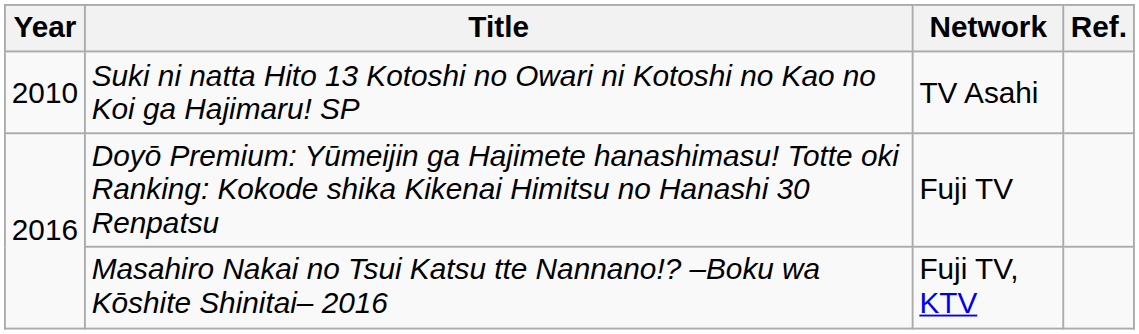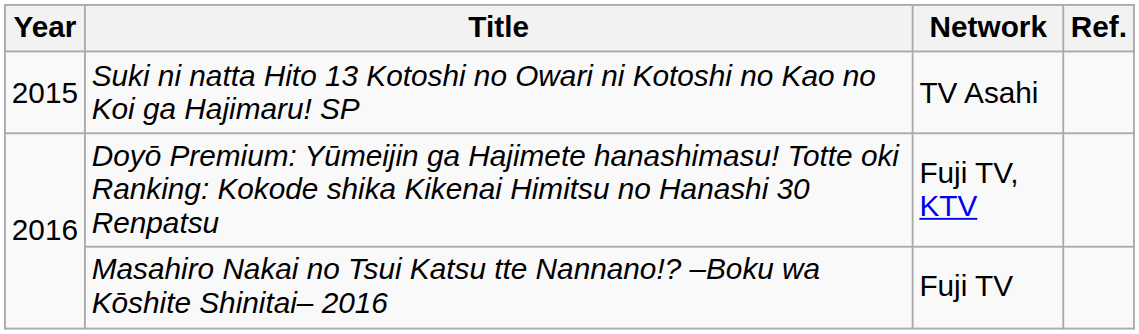 <table class="wikitable">
 <tr>
 <th>Year</th>
 <th>Title</th>
 <th>Network</th>
 <th>Ref.</th>
 </tr>
 <tr>
-<td>2010</td>
+<td>2015</td>
 <td><em>Suki ni natta Hito 13 Kotoshi no Owari ni Kotoshi no Kao no Koi ga Hajimaru! SP</em></td>
 <td>TV Asahi</td>
 <td></td>
 </tr>
 <tr>
 <td rowspan="2">2016</td>
 <td><em>Doyō Premium: Yūmeijin ga Hajimete hanashimasu! Totte oki Ranking: Kokode shika Kikenai Himitsu no Hanashi 30 Renpatsu</em></td>
-<td>Fuji TV</td>
+<td>Fuji TV, <a href='#'>KTV</a></td>
 <td></td>
 </tr>
 <tr>
 <td><em>Masahiro Nakai no Tsui Katsu tte Nannano!? –Boku wa Kōshite Shinitai– 2016</em></td>
-<td>Fuji TV, <a href='#'>KTV</a></td>
+<td>Fuji TV</td>
 <td></td>
 </tr>
 </table>
